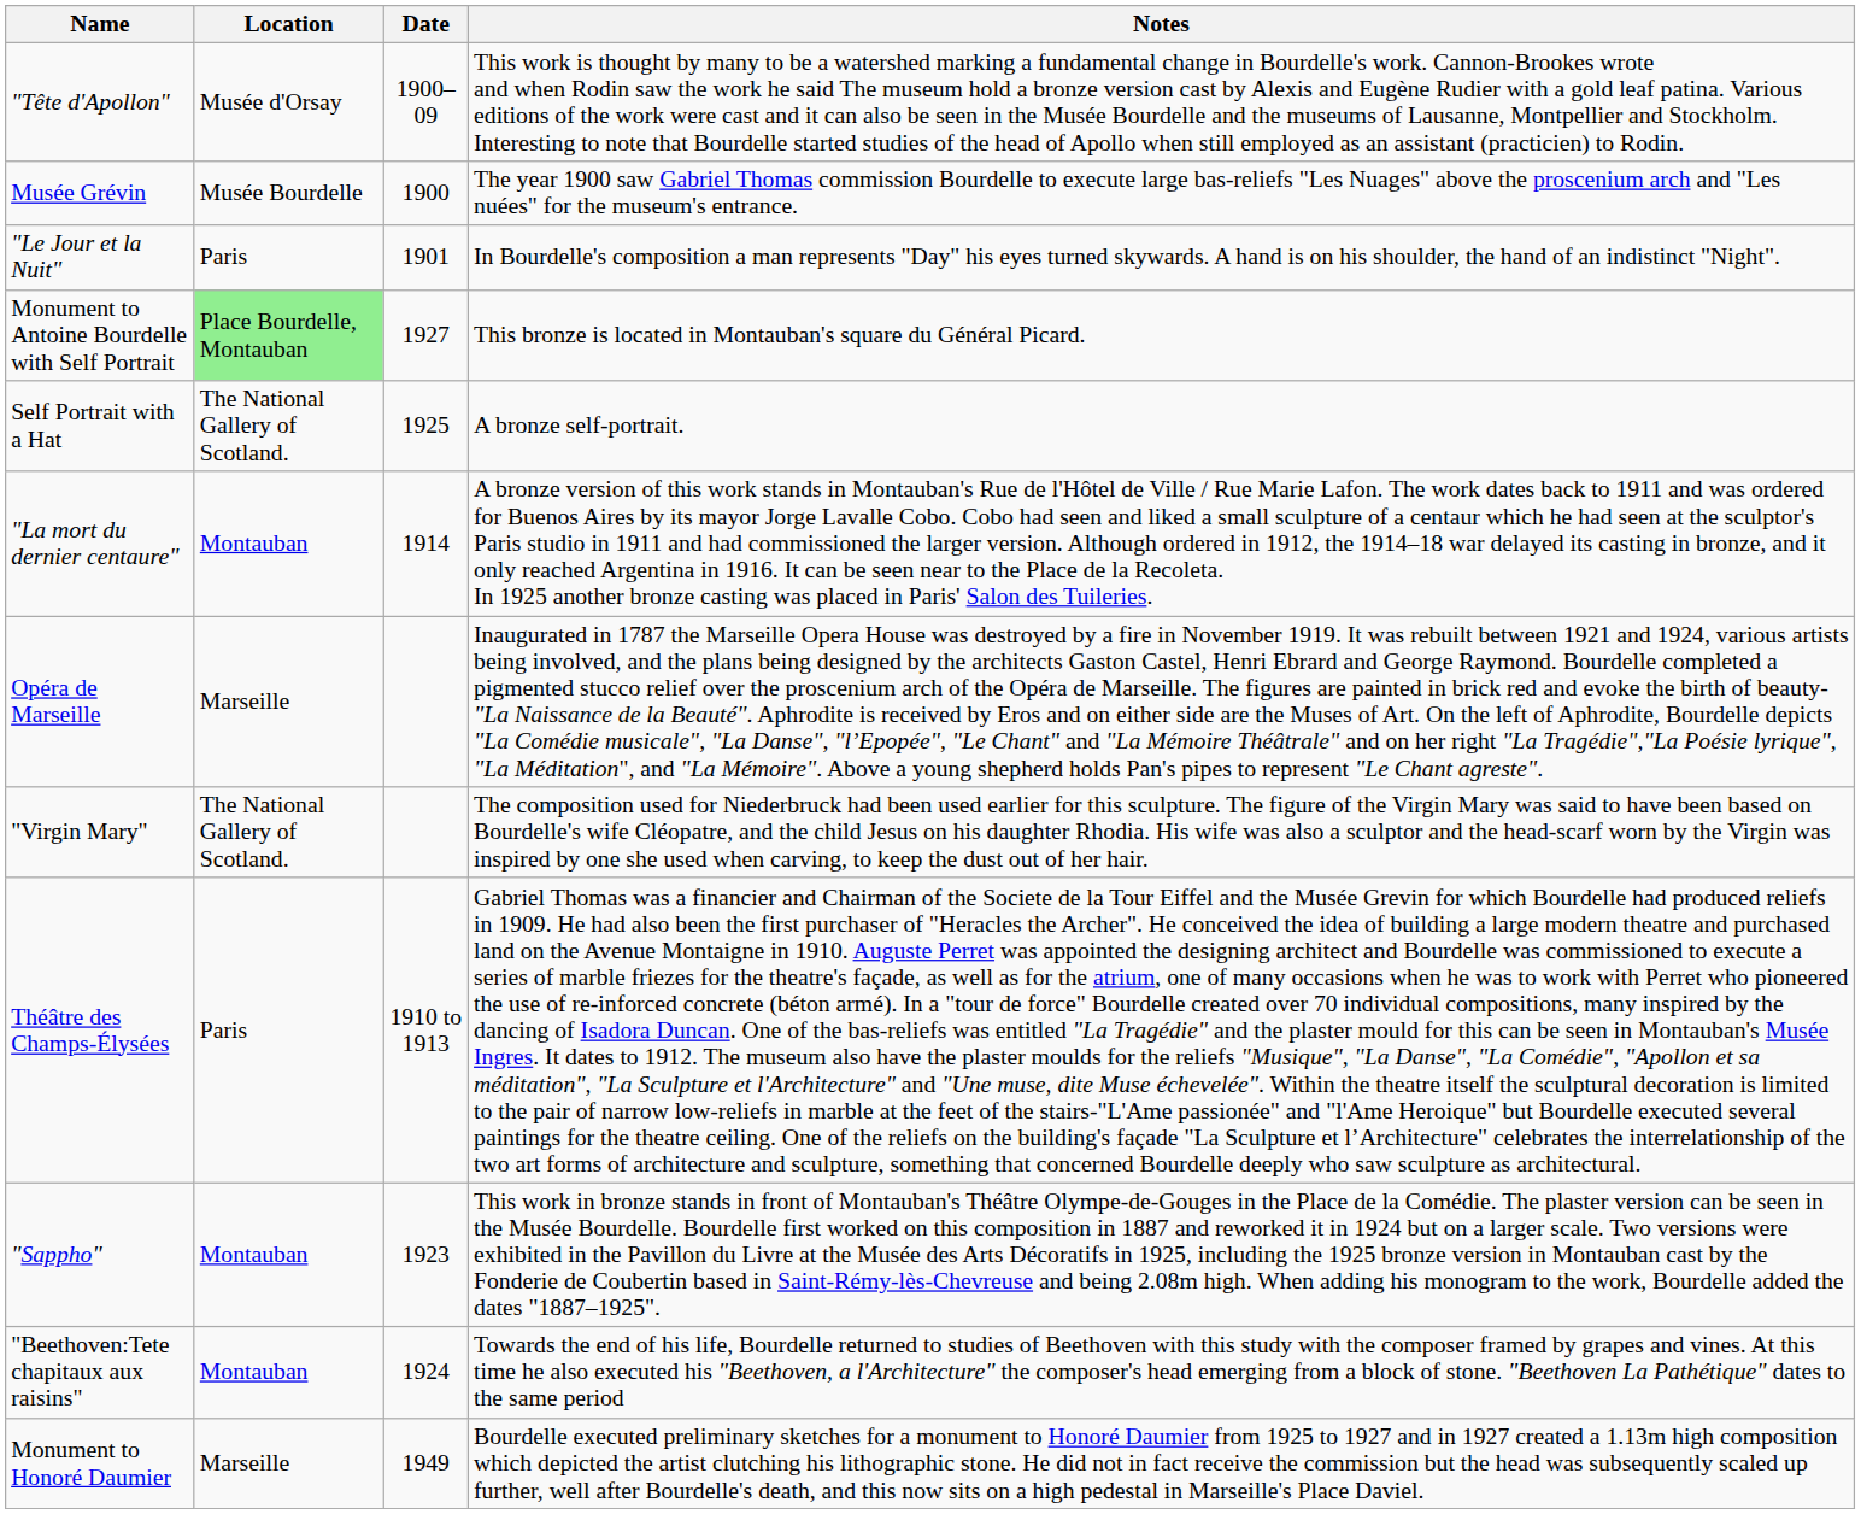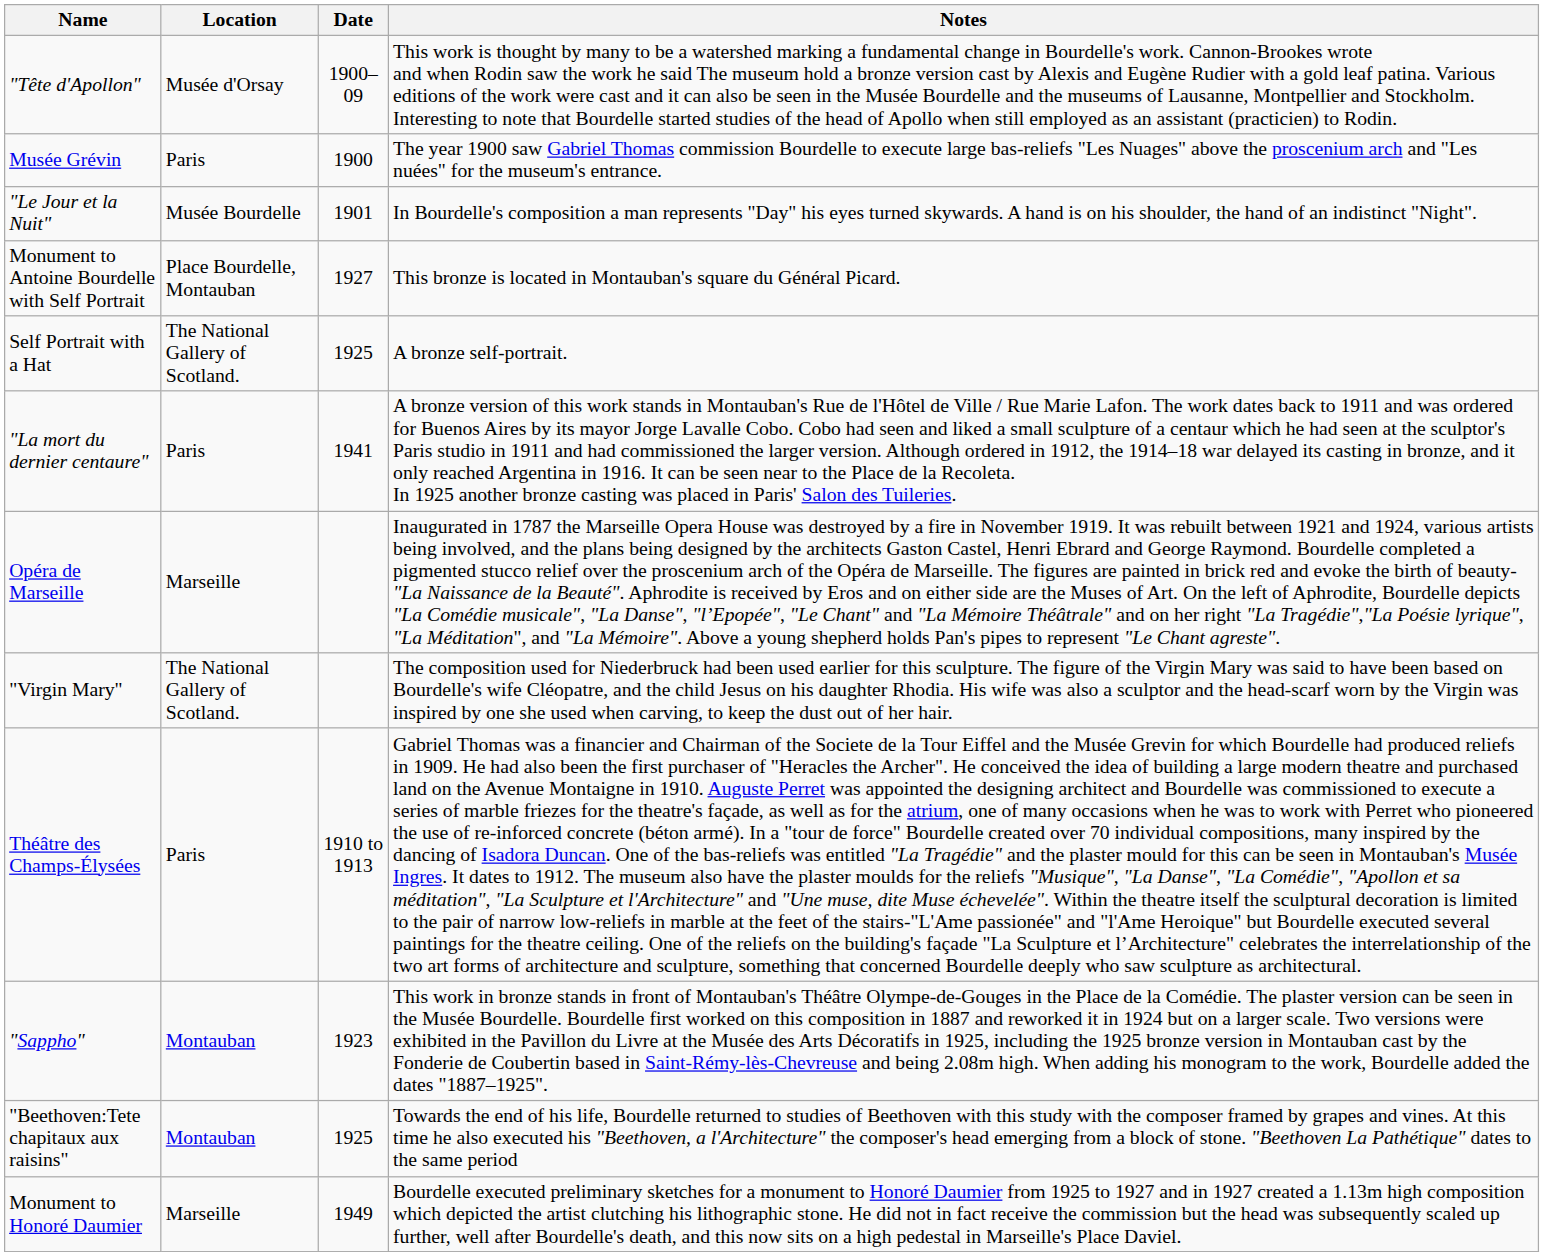 <table class="wikitable sortable plainrowheaders">
 <tr>
 <th style="width:120px">Name</th>
 <th style="width:120px">Location</th>
 <th style="width:50px">Date</th>
 <th class="unsortable">Notes</th>
 </tr>
 <tr>
 <td><em>"Tête d'Apollon"</em></td>
 <td>Musée d'Orsay</td>
 <td align="center">1900–09</td>
 <td>This work is thought by many to be a watershed marking a fundamental change in Bourdelle's work. Cannon-Brookes wrote <br>and when Rodin saw the work he said   The museum hold a bronze version cast by Alexis and Eugène Rudier with a gold leaf patina. Various editions of the work were cast and it can also be seen in the Musée Bourdelle and the museums of Lausanne, Montpellier and Stockholm. Interesting to note that Bourdelle started studies of the head of Apollo when still employed as an assistant (practicien) to Rodin.</td>
 </tr>
 <tr>
 <td><a href='#'>Musée Grévin</a></td>
-<td>Musée Bourdelle</td>
+<td>Paris</td>
 <td align="center">1900</td>
 <td>The year 1900 saw <a href='#'>Gabriel Thomas</a> commission Bourdelle to execute large bas-reliefs "Les Nuages" above the <a href='#'>proscenium arch</a> and "Les nuées" for the museum's entrance.<br></td>
 </tr>
 <tr>
 <td><em>"Le Jour et la Nuit"</em></td>
-<td>Paris</td>
+<td>Musée Bourdelle</td>
 <td align="center">1901</td>
 <td>In Bourdelle's composition a man represents "Day" his eyes turned skywards. A hand is on his shoulder, the hand of an indistinct "Night".</td>
 </tr>
 <tr>
 <td>Monument to Antoine Bourdelle with Self Portrait</td>
-<td style="background: lightgreen;">Place Bourdelle, Montauban</td>
+<td>Place Bourdelle, Montauban</td>
 <td align="center">1927</td>
 <td>This bronze is located in Montauban's square du Général Picard.</td>
 </tr>
 <tr>
 <td>Self Portrait with a Hat</td>
 <td>The National Gallery of Scotland.</td>
 <td align="center">1925</td>
 <td>A bronze self-portrait.</td>
 </tr>
 <tr>
 <td><em>"La mort du dernier centaure"</em></td>
-<td><a href='#'>Montauban</a></td>
-<td align="center">1914</td>
+<td>Paris</td>
+<td align="center">1941</td>
 <td>A bronze version of this work stands in Montauban's Rue de l'Hôtel de Ville / Rue Marie Lafon. The work dates back to 1911 and was ordered for Buenos Aires by its mayor Jorge Lavalle Cobo. Cobo had seen and liked a small sculpture of a centaur which he had seen at the sculptor's Paris studio in 1911 and had commissioned the larger version. Although ordered in 1912, the 1914–18 war delayed its casting in bronze, and it only reached Argentina in 1916. It can be seen near to the Place de la Recoleta.<br>In 1925 another bronze casting was placed in Paris' <a href='#'>Salon des Tuileries</a>. </td>
 </tr>
 <tr>
 <td><a href='#'>Opéra de Marseille</a></td>
 <td>Marseille</td>
 <td align="center"></td>
 <td>Inaugurated in 1787 the Marseille Opera House was destroyed by a fire in November 1919. It was rebuilt between 1921 and 1924, various artists being involved, and the plans being designed by the architects Gaston Castel, Henri Ebrard and George Raymond. Bourdelle completed a pigmented stucco relief over the proscenium arch of the Opéra de Marseille. The figures are painted in brick red and evoke the birth of beauty-<em>"La Naissance de la Beauté"</em>. Aphrodite is received by Eros and on either side are the Muses of Art. On the left of Aphrodite, Bourdelle depicts <em>"La Comédie musicale"</em>, <em>"La Danse"</em>, <em>"l’Epopée"</em>, <em>"Le Chant"</em> and <em>"La Mémoire Théâtrale"</em> and on her right <em>"La Tragédie"</em>,<em>"La Poésie lyrique"</em>, <em>"La Méditation</em>", and <em>"La Mémoire"</em>. Above a young shepherd holds Pan's pipes to represent <em>"Le Chant agreste"</em>.</td>
 </tr>
 <tr>
 <td>"Virgin Mary"</td>
 <td>The National Gallery of Scotland.</td>
 <td align="center"></td>
 <td>The composition used for Niederbruck had been used earlier for this sculpture. The figure of the Virgin Mary was said to have been based on Bourdelle's wife Cléopatre, and the child Jesus on his daughter Rhodia.  His wife was also a sculptor and the head-scarf worn by the Virgin was inspired by one she used when carving, to keep the dust out of her hair.</td>
 </tr>
 <tr>
 <td><a href='#'>Théâtre des Champs-Élysées</a></td>
 <td>Paris</td>
 <td align="center">1910 to 1913</td>
 <td>Gabriel Thomas was a financier and Chairman of the Societe de la Tour Eiffel and the Musée Grevin for which Bourdelle had produced reliefs in 1909. He had also been the first purchaser of "Heracles the Archer".  He conceived the idea of building a large modern theatre and purchased land on the Avenue Montaigne in 1910. <a href='#'>Auguste Perret</a> was appointed the designing architect and Bourdelle was commissioned to execute a series of marble friezes for the theatre's façade, as well as for the <a href='#'>atrium</a>, one of many occasions when he was to work with Perret who pioneered the use of re-inforced concrete (béton armé). In a "tour de force" Bourdelle created over 70 individual compositions, many inspired by the dancing of <a href='#'>Isadora Duncan</a>.  One of the bas-reliefs was entitled <em>"La Tragédie"</em> and the plaster mould for this can be seen in Montauban's <a href='#'>Musée Ingres</a>. It dates to 1912. The museum also have the plaster moulds for the reliefs <em>"Musique"</em>,  <em>"La Danse"</em>,  <em>"La Comédie"</em>, <em>"Apollon et sa méditation"</em>, <em>"La Sculpture et l'Architecture"</em> and <em>"Une muse, dite Muse échevelée"</em>. Within the theatre itself the sculptural decoration is limited to the pair of narrow low-reliefs in marble at the feet of the stairs-"L'Ame passionée" and "l'Ame Heroique" but Bourdelle executed several paintings for the theatre ceiling. One of the reliefs on the building's façade "La Sculpture et l’Architecture" celebrates the interrelationship of the two art forms of architecture and sculpture, something that concerned Bourdelle deeply who saw sculpture as architectural.<br></td>
 </tr>
 <tr>
 <td><em>"<a href='#'>Sappho</a>"</em></td>
 <td><a href='#'>Montauban</a></td>
 <td align="center">1923</td>
 <td>This work in bronze stands in front of Montauban's Théâtre Olympe-de-Gouges in the Place de la Comédie. The plaster version can be seen in the Musée Bourdelle. Bourdelle first worked on this composition in 1887 and reworked it in 1924 but on a larger scale. Two versions were exhibited in the Pavillon du Livre at the Musée des Arts Décoratifs in 1925, including the 1925 bronze version in Montauban cast by the Fonderie de Coubertin based in <a href='#'>Saint-Rémy-lès-Chevreuse</a> and being 2.08m high. When adding his monogram to the work, Bourdelle added the dates "1887–1925".<br> </td>
 </tr>
 <tr>
 <td>"Beethoven:Tete chapitaux aux raisins"</td>
 <td><a href='#'>Montauban</a></td>
-<td align="center">1924</td>
+<td align="center">1925</td>
 <td>Towards the end of his life, Bourdelle returned to studies of Beethoven with this study with the composer framed by grapes and vines. At this time he also executed his <em>"Beethoven, a l'Architecture"</em> the composer's head emerging from a block of stone. <em>"Beethoven La Pathétique"</em> dates to the same period<br></td>
 </tr>
 <tr>
 <td>Monument to <a href='#'>Honoré Daumier</a></td>
 <td>Marseille</td>
 <td align="center">1949</td>
 <td>Bourdelle executed preliminary sketches for a monument to <a href='#'>Honoré Daumier</a> from 1925 to 1927 and in 1927 created a 1.13m high composition which depicted the artist clutching his lithographic stone. He did not in fact receive the commission but the head was subsequently scaled up further, well after Bourdelle's death, and this now sits on a high pedestal in Marseille's Place Daviel.</td>
 </tr>
 <tr>
 </tr>
 </table>
